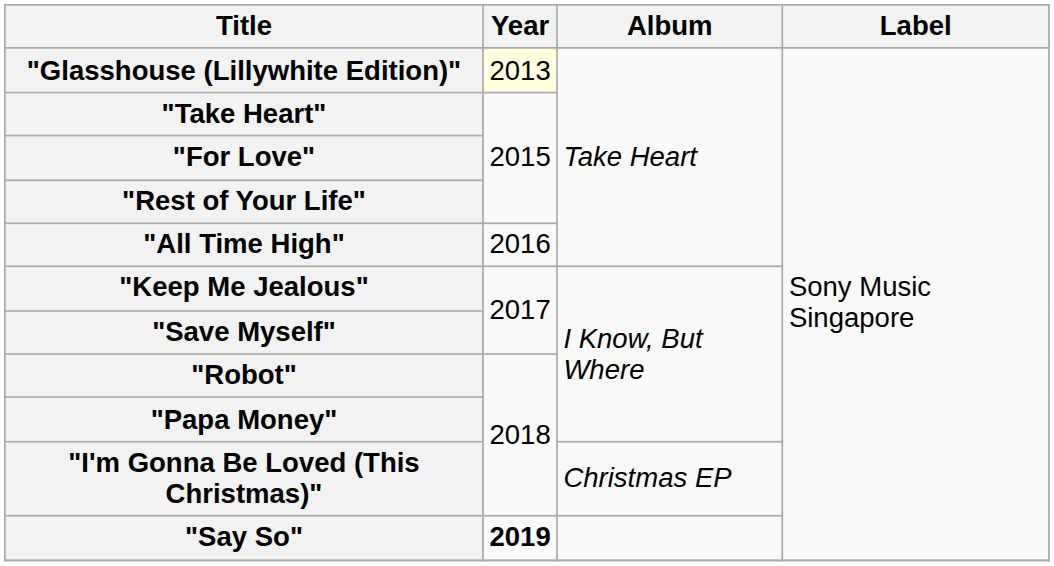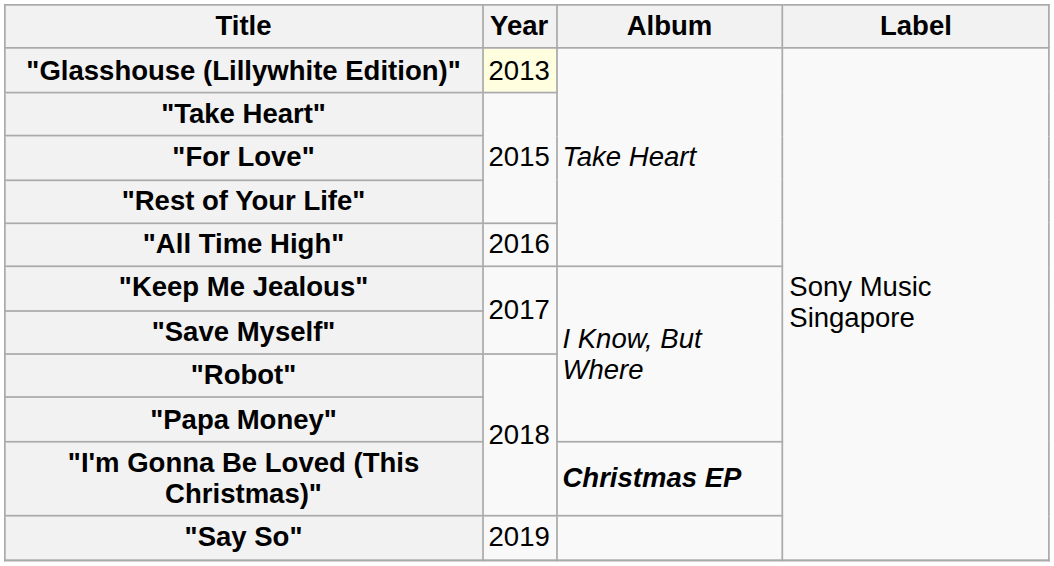 <table class="wikitable plainrowheaders">
 <tr>
 <th scope="col">Title</th>
 <th scope="col">Year</th>
 <th scope="col">Album</th>
 <th scope="col">Label</th>
 </tr>
 <tr>
 <th scope="row">"Glasshouse (Lillywhite Edition)"</th>
 <td style="background: lightyellow;">2013</td>
 <td rowspan="5"><em>Take Heart</em></td>
 <td rowspan="11">Sony Music Singapore</td>
 </tr>
 <tr>
 <th scope="row">"Take Heart"</th>
 <td rowspan="3">2015</td>
 </tr>
 <tr>
 <th scope="row">"For Love"</th>
 </tr>
 <tr>
 <th scope="row">"Rest of Your Life"</th>
 </tr>
 <tr>
 <th scope="row">"All Time High"</th>
 <td>2016</td>
 </tr>
 <tr>
 <th scope="row">"Keep Me Jealous"</th>
 <td rowspan="2">2017</td>
 <td rowspan="4"><em>I Know, But Where</em></td>
 </tr>
 <tr>
 <th scope="row">"Save Myself"</th>
 </tr>
 <tr>
 <th scope="row">"Robot"</th>
 <td rowspan="3">2018</td>
 </tr>
 <tr>
 <th scope="row">"Papa Money"</th>
 </tr>
 <tr>
 <th scope="row">"I'm Gonna Be Loved (This Christmas)"</th>
-<td><em>Christmas EP</em></td>
+<td><strong><em>Christmas EP</em></strong></td>
 </tr>
 <tr>
 <th scope="row">"Say So" <br></th>
-<td><strong>2019</strong></td>
+<td>2019</td>
 <td></td>
 </tr>
 <tr>
 </tr>
 </table>
